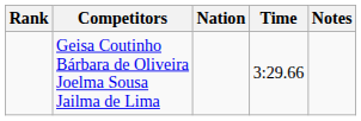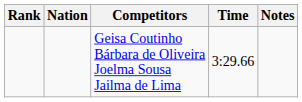 <table class="wikitable sortable" style="text-align:center">
 <tr>
 <th>Rank</th>
+<th>Nation</th>
 <th>Competitors</th>
-<th>Nation</th>
 <th>Time</th>
 <th>Notes</th>
 </tr>
 <tr>
 <td></td>
+<td align=left></td>
 <td align=left><a href='#'>Geisa Coutinho</a><br><a href='#'>Bárbara de Oliveira</a><br><a href='#'>Joelma Sousa</a><br><a href='#'>Jailma de Lima</a></td>
-<td align=left></td>
 <td>3:29.66</td>
 <td></td>
 </tr>
 </table>
